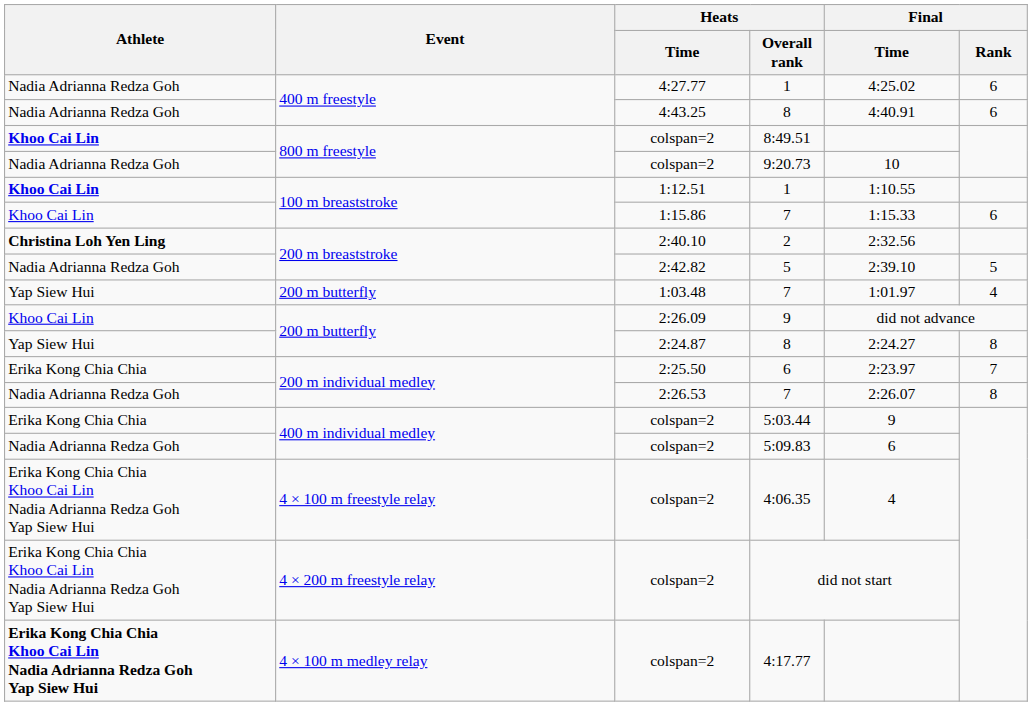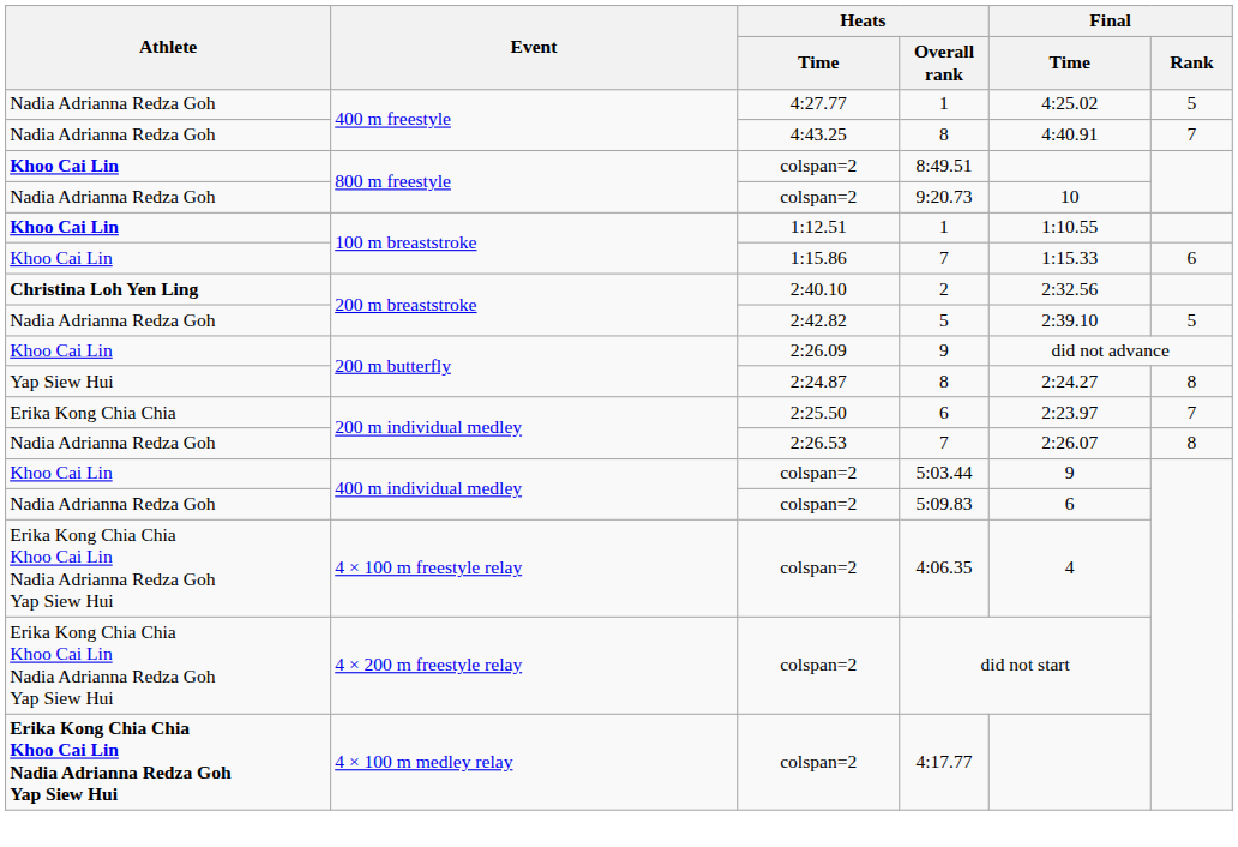 <table class="wikitable" width="75%" style="text-align:center; font-size:90%">
 <tr>
 <th rowspan="2" width="20%">Athlete</th>
 <th rowspan="2" width="25%">Event</th>
 <th colspan="2" width="15%">Heats</th>
 <th colspan="2" width="15%">Final</th>
 </tr>
 <tr>
 <th width="10%">Time</th>
 <th>Overall rank</th>
 <th width="10%">Time</th>
 <th>Rank</th>
 </tr>
 <tr>
 <td align=left>Nadia Adrianna Redza Goh</td>
 <td rowspan=2 align=left><a href='#'>400 m freestyle</a></td>
 <td>4:27.77</td>
 <td>1 <strong></strong></td>
 <td>4:25.02</td>
-<td>6</td>
+<td>5</td>
 </tr>
 <tr>
 <td align=left>Nadia Adrianna Redza Goh</td>
 <td>4:43.25</td>
 <td>8 <strong></strong></td>
 <td>4:40.91</td>
-<td>6</td>
+<td>7</td>
 </tr>
 <tr>
 <td align=left><strong><a href='#'>Khoo Cai Lin</a></strong></td>
 <td rowspan=2 align=left><a href='#'>800 m freestyle</a></td>
 <td>colspan=2 </td>
 <td>8:49.51</td>
 <td></td>
 </tr>
 <tr>
 <td align=left>Nadia Adrianna Redza Goh</td>
 <td>colspan=2 </td>
 <td>9:20.73</td>
 <td>10</td>
 </tr>
 <tr>
 <td align=left><strong><a href='#'>Khoo Cai Lin</a></strong></td>
 <td rowspan=2 align=left><a href='#'>100 m breaststroke</a></td>
 <td>1:12.51</td>
 <td>1 <strong></strong></td>
 <td>1:10.55</td>
 <td></td>
 </tr>
 <tr>
 <td align=left><a href='#'>Khoo Cai Lin</a></td>
 <td>1:15.86</td>
 <td>7 <strong></strong></td>
 <td>1:15.33</td>
 <td>6</td>
 </tr>
 <tr>
 <td align=left><strong>Christina Loh Yen Ling</strong></td>
 <td rowspan=2 align=left><a href='#'>200 m breaststroke</a></td>
 <td>2:40.10</td>
 <td>2 <strong></strong></td>
 <td>2:32.56</td>
 <td></td>
 </tr>
 <tr>
 <td align=left>Nadia Adrianna Redza Goh</td>
 <td>2:42.82</td>
 <td>5 <strong></strong></td>
 <td>2:39.10</td>
 <td>5</td>
 </tr>
 <tr>
-<td align=left>Yap Siew Hui</td>
-<td align=left><a href='#'>200 m butterfly</a></td>
-<td>1:03.48</td>
-<td>7 <strong></strong></td>
-<td>1:01.97</td>
-<td>4</td>
-</tr>
-<tr>
 <td align=left><a href='#'>Khoo Cai Lin</a></td>
 <td rowspan=2 align=left><a href='#'>200 m butterfly</a></td>
 <td>2:26.09</td>
 <td>9</td>
 <td colspan=2>did not advance</td>
 </tr>
 <tr>
 <td align=left>Yap Siew Hui</td>
 <td>2:24.87</td>
 <td>8 <strong></strong></td>
 <td>2:24.27</td>
 <td>8</td>
 </tr>
 <tr>
 <td align=left>Erika Kong Chia Chia</td>
 <td rowspan=2 align=left><a href='#'>200 m individual medley</a></td>
 <td>2:25.50</td>
 <td>6 <strong></strong></td>
 <td>2:23.97</td>
 <td>7</td>
 </tr>
 <tr>
 <td align=left>Nadia Adrianna Redza Goh</td>
 <td>2:26.53</td>
 <td>7 <strong></strong></td>
 <td>2:26.07</td>
 <td>8</td>
 </tr>
 <tr>
-<td align=left>Erika Kong Chia Chia</td>
+<td align=left><a href='#'>Khoo Cai Lin</a></td>
 <td rowspan=2 align=left><a href='#'>400 m individual medley</a></td>
 <td>colspan=2 </td>
 <td>5:03.44</td>
 <td>9</td>
 </tr>
 <tr>
 <td align=left>Nadia Adrianna Redza Goh</td>
 <td>colspan=2 </td>
 <td>5:09.83</td>
 <td>6</td>
 </tr>
 <tr>
 <td align=left>Erika Kong Chia Chia<br><a href='#'>Khoo Cai Lin</a><br>Nadia Adrianna Redza Goh<br>Yap Siew Hui</td>
 <td align=left><a href='#'>4 × 100 m freestyle relay</a></td>
 <td>colspan=2 </td>
 <td>4:06.35</td>
 <td>4</td>
 </tr>
 <tr>
 <td align=left>Erika Kong Chia Chia<br><a href='#'>Khoo Cai Lin</a><br>Nadia Adrianna Redza Goh<br>Yap Siew Hui</td>
 <td align=left><a href='#'>4 × 200 m freestyle relay</a></td>
 <td>colspan=2 </td>
 <td colspan=2>did not start</td>
 </tr>
 <tr>
 <td align=left><strong>Erika Kong Chia Chia<br><a href='#'>Khoo Cai Lin</a><br>Nadia Adrianna Redza Goh<br>Yap Siew Hui</strong></td>
 <td align=left><a href='#'>4 × 100 m medley relay</a></td>
 <td>colspan=2 </td>
 <td>4:17.77</td>
 <td></td>
 </tr>
 </table>
